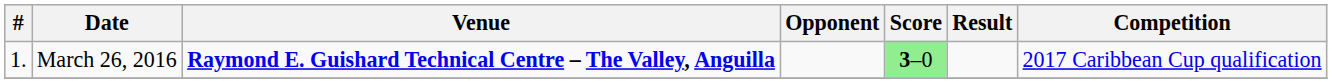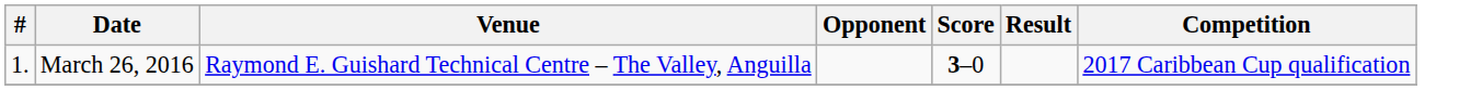 <table class="wikitable" style="font-size:90%">
 <tr>
 <th>#</th>
 <th>Date</th>
 <th>Venue</th>
 <th>Opponent</th>
 <th>Score</th>
 <th>Result</th>
 <th>Competition</th>
 </tr>
 <tr>
 <td>1.</td>
 <td>March 26, 2016</td>
-<td><strong><a href='#'>Raymond E. Guishard Technical Centre</a> – <a href='#'>The Valley</a>, <a href='#'>Anguilla</a></strong></td>
+<td><a href='#'>Raymond E. Guishard Technical Centre</a> – <a href='#'>The Valley</a>, <a href='#'>Anguilla</a></td>
 <td></td>
-<td align="center" style="background: lightgreen;"><strong>3</strong>–0</td>
+<td align="center"><strong>3</strong>–0</td>
 <td></td>
 <td><a href='#'>2017 Caribbean Cup qualification</a></td>
 </tr>
 <tr>
 </tr>
 </table>
